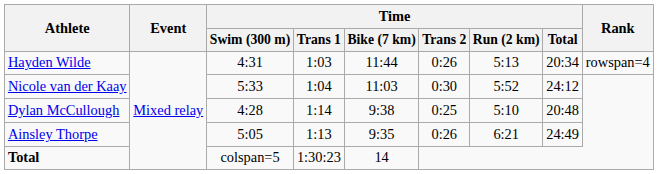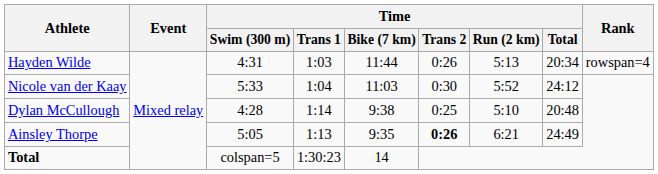 <table class=wikitable style=font-size:90%;text-align:center>
 <tr>
 <th rowspan=2>Athlete</th>
 <th rowspan=2>Event</th>
 <th colspan=6>Time</th>
 <th rowspan=2>Rank</th>
 </tr>
 <tr style=font-size:95%>
 <th>Swim (300 m)</th>
 <th>Trans 1</th>
 <th>Bike (7 km)</th>
 <th>Trans 2</th>
 <th>Run (2 km)</th>
 <th>Total</th>
 </tr>
 <tr>
 <td align=left><a href='#'>Hayden Wilde</a></td>
 <td align=left rowspan=5><a href='#'>Mixed relay</a></td>
 <td>4:31</td>
 <td>1:03</td>
 <td>11:44</td>
 <td>0:26</td>
 <td>5:13</td>
 <td>20:34</td>
 <td>rowspan=4 </td>
 </tr>
 <tr>
 <td align=left><a href='#'>Nicole van der Kaay</a></td>
 <td>5:33</td>
 <td>1:04</td>
 <td>11:03</td>
 <td>0:30</td>
 <td>5:52</td>
 <td>24:12</td>
 </tr>
 <tr>
 <td align=left><a href='#'>Dylan McCullough</a></td>
 <td>4:28</td>
 <td>1:14</td>
 <td>9:38</td>
 <td>0:25</td>
 <td>5:10</td>
 <td>20:48</td>
 </tr>
 <tr>
 <td align=left><a href='#'>Ainsley Thorpe</a></td>
 <td>5:05</td>
 <td>1:13</td>
 <td>9:35</td>
-<td>0:26</td>
+<td><strong>0:26</strong></td>
 <td>6:21</td>
 <td>24:49</td>
 </tr>
 <tr>
 <td align=left><strong>Total</strong></td>
 <td>colspan=5 </td>
 <td>1:30:23</td>
 <td>14</td>
 </tr>
 </table>
